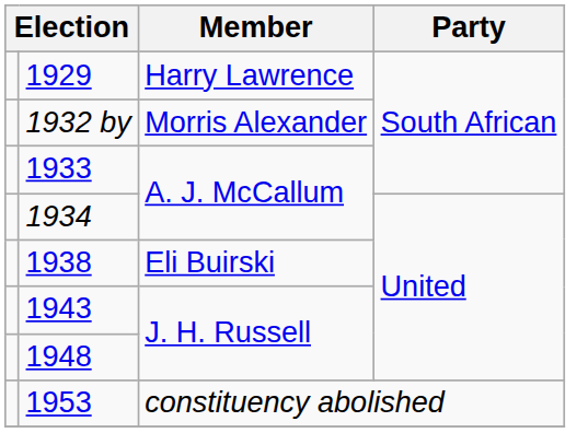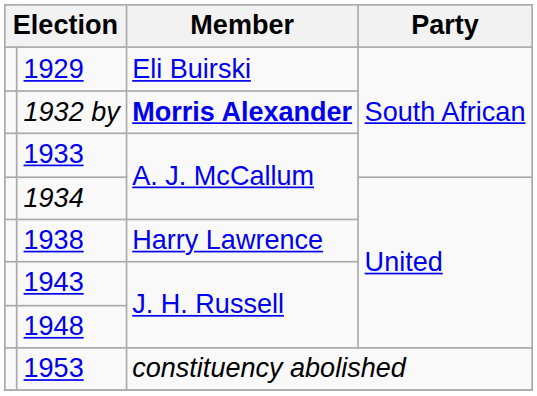 <table class="wikitable">
 <tr>
 <th colspan="2">Election</th>
 <th>Member</th>
 <th>Party</th>
 </tr>
 <tr>
 <td style="background-color: "></td>
 <td><a href='#'>1929</a></td>
-<td><a href='#'>Harry Lawrence</a></td>
+<td><a href='#'>Eli Buirski</a></td>
 <td rowspan="3"><a href='#'>South African</a></td>
 </tr>
 <tr>
 <td style="background-color: "></td>
 <td><em>1932 by</em></td>
-<td><a href='#'>Morris Alexander</a></td>
+<td><strong><a href='#'>Morris Alexander</a></strong></td>
 </tr>
 <tr>
 <td style="background-color: "></td>
 <td><a href='#'>1933</a></td>
 <td rowspan="2"><a href='#'>A. J. McCallum</a></td>
 </tr>
 <tr>
 <td style="background-color: "></td>
 <td><em>1934</em></td>
 <td rowspan="4"><a href='#'>United</a></td>
 </tr>
 <tr>
 <td style="background-color: "></td>
 <td><a href='#'>1938</a></td>
-<td><a href='#'>Eli Buirski</a></td>
+<td><a href='#'>Harry Lawrence</a></td>
 </tr>
 <tr>
 <td style="background-color: "></td>
 <td><a href='#'>1943</a></td>
 <td rowspan="2"><a href='#'>J. H. Russell</a></td>
 </tr>
 <tr>
 <td style="background-color: "></td>
 <td><a href='#'>1948</a></td>
 </tr>
 <tr>
 <td style="background-color: "></td>
 <td><a href='#'>1953</a></td>
 <td colspan="2"><em>constituency abolished</em></td>
 </tr>
 <tr>
 </tr>
 </table>
